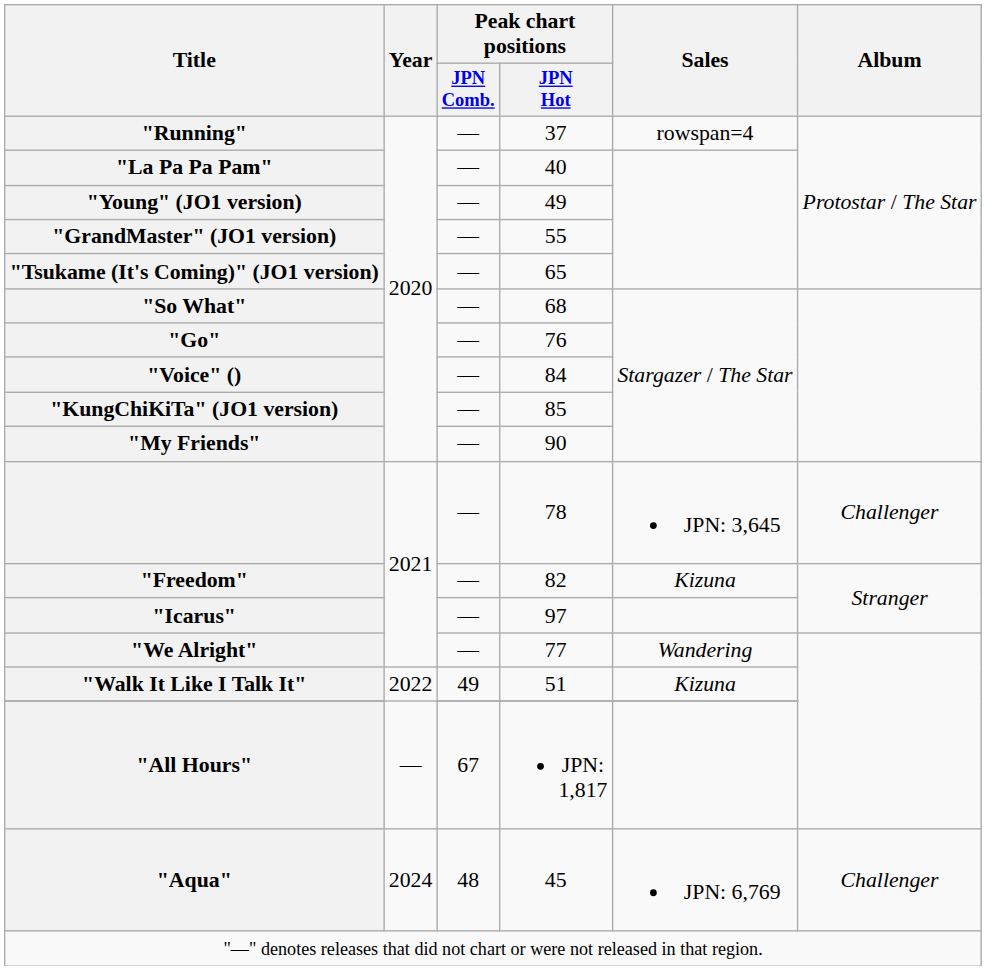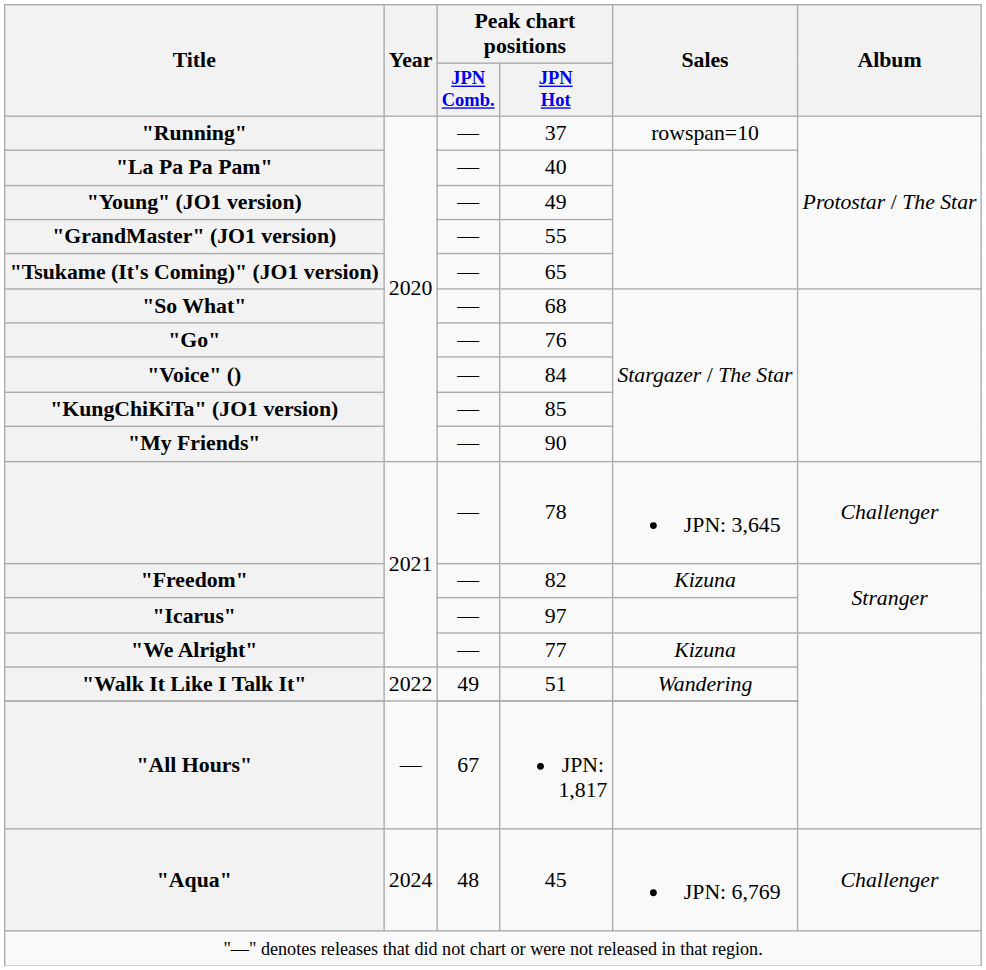 <table class="wikitable plainrowheaders" style="text-align:center;">
 <tr>
 <th scope="col" rowspan="2">Title</th>
 <th scope="col" rowspan="2">Year</th>
 <th scope="col" colspan="2">Peak chart positions</th>
 <th scope="col" rowspan="2">Sales</th>
 <th scope="col" rowspan="2">Album</th>
 </tr>
 <tr>
 <th scope="col" style="width:2.75em;font-size:85%;"><a href='#'>JPN<br>Comb.</a><br></th>
 <th scope="col" style="width:2.75em;font-size:85%;"><a href='#'>JPN<br>Hot</a><br></th>
 </tr>
 <tr>
 <th scope="row">"Running"</th>
 <td rowspan="10">2020</td>
 <td>—</td>
 <td>37</td>
-<td>rowspan=4 </td>
+<td>rowspan=10 </td>
 <td style="text-align:center;" rowspan="5"><em>Protostar</em>  / <em>The Star</em></td>
 </tr>
 <tr>
 <th scope="row">"La Pa Pa Pam"</th>
 <td>—</td>
 <td>40</td>
 </tr>
 <tr>
 <th scope="row">"Young" (JO1 version)</th>
 <td>—</td>
 <td>49</td>
 </tr>
 <tr>
 <th scope="row">"GrandMaster" (JO1 version)</th>
 <td>—</td>
 <td>55</td>
 </tr>
 <tr>
 <th scope="row">"Tsukame (It's Coming)" (JO1 version)</th>
 <td>—</td>
 <td>65</td>
 </tr>
 <tr>
 <th scope="row">"So What"</th>
 <td>—</td>
 <td>68</td>
 <td style="text-align:center;" rowspan="5"><em>Stargazer</em>  / <em>The Star</em></td>
 </tr>
 <tr>
 <th scope="row">"Go"</th>
 <td>—</td>
 <td>76</td>
 </tr>
 <tr>
 <th scope="row">"Voice" ()</th>
 <td>—</td>
 <td>84</td>
 </tr>
 <tr>
 <th scope="row">"KungChiKiTa" (JO1 version)</th>
 <td>—</td>
 <td>85</td>
 </tr>
 <tr>
 <th scope="row">"My Friends"</th>
 <td>—</td>
 <td>90</td>
 </tr>
 <tr>
 <th scope="row"></th>
 <td rowspan="4">2021</td>
 <td>—</td>
 <td>78</td>
 <td><br><ul><li>JPN: 3,645</li></ul></td>
 <td><em>Challenger</em> </td>
 </tr>
 <tr>
 <th scope="row">"Freedom"</th>
 <td>—</td>
 <td>82</td>
 <td style="text-align:center;"><em>Kizuna</em></td>
 <td style="text-align:center;" rowspan=2><em>Stranger</em> </td>
 </tr>
 <tr>
 <th scope="row">"Icarus"</th>
 <td>—</td>
 <td>97</td>
 </tr>
 <tr>
 <th scope="row">"We Alright"</th>
 <td>—</td>
 <td>77</td>
-<td style="text-align:center;"><em>Wandering</em> </td>
+<td style="text-align:center;"><em>Kizuna</em></td>
 </tr>
 <tr>
 <th scope="row">"Walk It Like I Talk It"</th>
 <td rowspan=2>2022</td>
 <td>49</td>
 <td>51</td>
-<td style="text-align:center;"><em>Kizuna</em></td>
+<td style="text-align:center;"><em>Wandering</em> </td>
 </tr>
 <tr>
 </tr>
 <tr>
 <th scope="row">"All Hours"</th>
 <td>—</td>
 <td>67</td>
 <td><br><ul><li>JPN: 1,817</li></ul></td>
 <td></td>
 </tr>
 <tr>
 <th scope="row">"Aqua"</th>
 <td>2024</td>
 <td>48</td>
 <td>45</td>
 <td><br><ul><li>JPN: 6,769</li></ul></td>
 <td><em>Challenger</em> </td>
 </tr>
 <tr>
 <td colspan="8"><small>"—" denotes releases that did not chart or were not released in that region.</small></td>
 </tr>
 </table>
